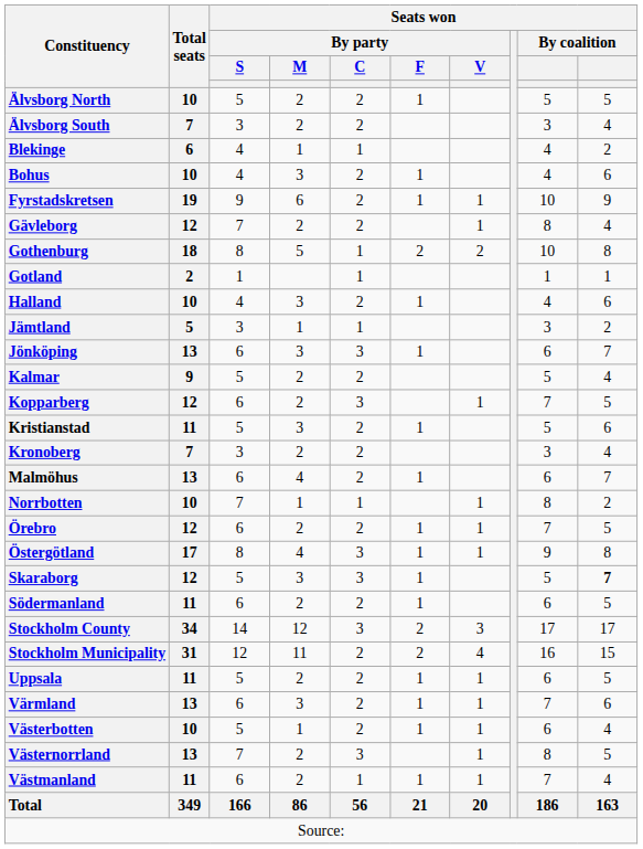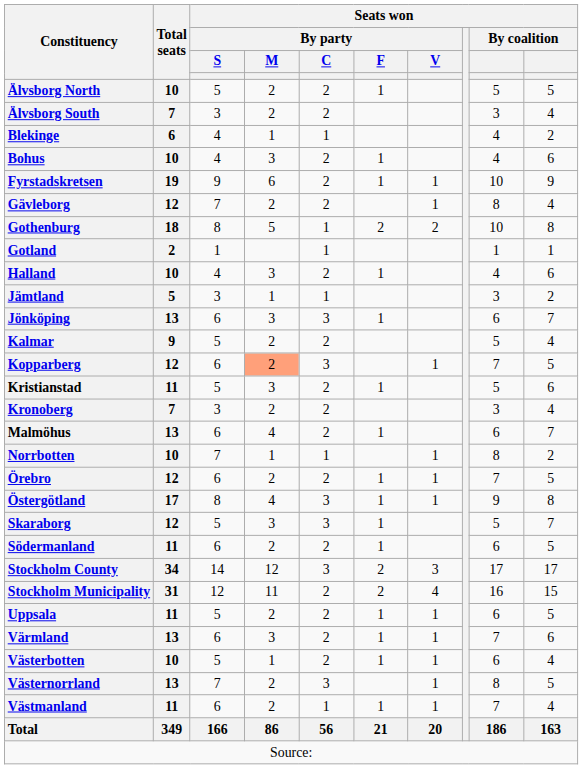 <table class="wikitable" style="text-align:center; font-size: 0.9em;">
 <tr>
 <th rowspan="4">Constituency</th>
 <th rowspan="4">Total<br>seats</th>
 <th colspan="8">Seats won</th>
 </tr>
 <tr>
 <th colspan="5">By party</th>
 <th rowspan="32"></th>
 <th colspan="2">By coalition</th>
 </tr>
 <tr>
 <th class="unsortable" style="width:50px;"><a href='#'>S</a></th>
 <th class="unsortable" style="width:50px;"><a href='#'>M</a></th>
 <th class="unsortable" style="width:50px;"><a href='#'>C</a></th>
 <th class="unsortable" style="width:50px;"><a href='#'>F</a></th>
 <th class="unsortable" style="width:50px;"><a href='#'>V</a></th>
 <th class="unsortable" style="width:50px;"></th>
 <th class="unsortable" style="width:50px;"></th>
 </tr>
 <tr>
 <th style="background:"></th>
 <th style="background:"></th>
 <th style="background:"></th>
 <th style="background:"></th>
 <th style="background:"></th>
 <th style="background:"></th>
 <th style="background:"></th>
 </tr>
 <tr>
 <th style="text-align: left;"><a href='#'>Älvsborg North</a></th>
 <th>10</th>
 <td>5</td>
 <td>2</td>
 <td>2</td>
 <td>1</td>
 <td></td>
 <td>5</td>
 <td>5</td>
 </tr>
 <tr>
 <th style="text-align: left;"><a href='#'>Älvsborg South</a></th>
 <th>7</th>
 <td>3</td>
 <td>2</td>
 <td>2</td>
 <td></td>
 <td></td>
 <td>3</td>
 <td>4</td>
 </tr>
 <tr>
 <th style="text-align: left;"><a href='#'>Blekinge</a></th>
 <th>6</th>
 <td>4</td>
 <td>1</td>
 <td>1</td>
 <td></td>
 <td></td>
 <td>4</td>
 <td>2</td>
 </tr>
 <tr>
 <th style="text-align: left;"><a href='#'>Bohus</a></th>
 <th>10</th>
 <td>4</td>
 <td>3</td>
 <td>2</td>
 <td>1</td>
 <td></td>
 <td>4</td>
 <td>6</td>
 </tr>
 <tr>
 <th style="text-align: left;"><a href='#'>Fyrstadskretsen</a></th>
 <th>19</th>
 <td>9</td>
 <td>6</td>
 <td>2</td>
 <td>1</td>
 <td>1</td>
 <td>10</td>
 <td>9</td>
 </tr>
 <tr>
 <th style="text-align: left;"><a href='#'>Gävleborg</a></th>
 <th>12</th>
 <td>7</td>
 <td>2</td>
 <td>2</td>
 <td></td>
 <td>1</td>
 <td>8</td>
 <td>4</td>
 </tr>
 <tr>
 <th style="text-align: left;"><a href='#'>Gothenburg</a></th>
 <th>18</th>
 <td>8</td>
 <td>5</td>
 <td>1</td>
 <td>2</td>
 <td>2</td>
 <td>10</td>
 <td>8</td>
 </tr>
 <tr>
 <th style="text-align: left;"><a href='#'>Gotland</a></th>
 <th>2</th>
 <td>1</td>
 <td></td>
 <td>1</td>
 <td></td>
 <td></td>
 <td>1</td>
 <td>1</td>
 </tr>
 <tr>
 <th style="text-align: left;"><a href='#'>Halland</a></th>
 <th>10</th>
 <td>4</td>
 <td>3</td>
 <td>2</td>
 <td>1</td>
 <td></td>
 <td>4</td>
 <td>6</td>
 </tr>
 <tr>
 <th style="text-align: left;"><a href='#'>Jämtland</a></th>
 <th>5</th>
 <td>3</td>
 <td>1</td>
 <td>1</td>
 <td></td>
 <td></td>
 <td>3</td>
 <td>2</td>
 </tr>
 <tr>
 <th style="text-align: left;"><a href='#'>Jönköping</a></th>
 <th>13</th>
 <td>6</td>
 <td>3</td>
 <td>3</td>
 <td>1</td>
 <td></td>
 <td>6</td>
 <td>7</td>
 </tr>
 <tr>
 <th style="text-align: left;"><a href='#'>Kalmar</a></th>
 <th>9</th>
 <td>5</td>
 <td>2</td>
 <td>2</td>
 <td></td>
 <td></td>
 <td>5</td>
 <td>4</td>
 </tr>
 <tr>
 <th style="text-align: left;"><a href='#'>Kopparberg</a></th>
 <th>12</th>
 <td>6</td>
-<td>2</td>
+<td style="background: lightsalmon;">2</td>
 <td>3</td>
 <td></td>
 <td>1</td>
 <td>7</td>
 <td>5</td>
 </tr>
 <tr>
 <th style="text-align: left;">Kristianstad</th>
 <th>11</th>
 <td>5</td>
 <td>3</td>
 <td>2</td>
 <td>1</td>
 <td></td>
 <td>5</td>
 <td>6</td>
 </tr>
 <tr>
 <th style="text-align: left;"><a href='#'>Kronoberg</a></th>
 <th>7</th>
 <td>3</td>
 <td>2</td>
 <td>2</td>
 <td></td>
 <td></td>
 <td>3</td>
 <td>4</td>
 </tr>
 <tr>
 <th style="text-align: left;">Malmöhus</th>
 <th>13</th>
 <td>6</td>
 <td>4</td>
 <td>2</td>
 <td>1</td>
 <td></td>
 <td>6</td>
 <td>7</td>
 </tr>
 <tr>
 <th style="text-align: left;"><a href='#'>Norrbotten</a></th>
 <th>10</th>
 <td>7</td>
 <td>1</td>
 <td>1</td>
 <td></td>
 <td>1</td>
 <td>8</td>
 <td>2</td>
 </tr>
 <tr>
 <th style="text-align: left;"><a href='#'>Örebro</a></th>
 <th>12</th>
 <td>6</td>
 <td>2</td>
 <td>2</td>
 <td>1</td>
 <td>1</td>
 <td>7</td>
 <td>5</td>
 </tr>
 <tr>
 <th style="text-align: left;"><a href='#'>Östergötland</a></th>
 <th>17</th>
 <td>8</td>
 <td>4</td>
 <td>3</td>
 <td>1</td>
 <td>1</td>
 <td>9</td>
 <td>8</td>
 </tr>
 <tr>
 <th style="text-align: left;"><a href='#'>Skaraborg</a></th>
 <th>12</th>
 <td>5</td>
 <td>3</td>
 <td>3</td>
 <td>1</td>
 <td></td>
 <td>5</td>
-<td><strong>7</strong></td>
+<td>7</td>
 </tr>
 <tr>
 <th style="text-align: left;"><a href='#'>Södermanland</a></th>
 <th>11</th>
 <td>6</td>
 <td>2</td>
 <td>2</td>
 <td>1</td>
 <td></td>
 <td>6</td>
 <td>5</td>
 </tr>
 <tr>
 <th style="text-align: left;"><a href='#'>Stockholm County</a></th>
 <th>34</th>
 <td>14</td>
 <td>12</td>
 <td>3</td>
 <td>2</td>
 <td>3</td>
 <td>17</td>
 <td>17</td>
 </tr>
 <tr>
 <th style="text-align: left;"><a href='#'>Stockholm Municipality</a></th>
 <th>31</th>
 <td>12</td>
 <td>11</td>
 <td>2</td>
 <td>2</td>
 <td>4</td>
 <td>16</td>
 <td>15</td>
 </tr>
 <tr>
 <th style="text-align: left;"><a href='#'>Uppsala</a></th>
 <th>11</th>
 <td>5</td>
 <td>2</td>
 <td>2</td>
 <td>1</td>
 <td>1</td>
 <td>6</td>
 <td>5</td>
 </tr>
 <tr>
 <th style="text-align: left;"><a href='#'>Värmland</a></th>
 <th>13</th>
 <td>6</td>
 <td>3</td>
 <td>2</td>
 <td>1</td>
 <td>1</td>
 <td>7</td>
 <td>6</td>
 </tr>
 <tr>
 <th style="text-align: left;"><a href='#'>Västerbotten</a></th>
 <th>10</th>
 <td>5</td>
 <td>1</td>
 <td>2</td>
 <td>1</td>
 <td>1</td>
 <td>6</td>
 <td>4</td>
 </tr>
 <tr>
 <th style="text-align: left;"><a href='#'>Västernorrland</a></th>
 <th>13</th>
 <td>7</td>
 <td>2</td>
 <td>3</td>
 <td></td>
 <td>1</td>
 <td>8</td>
 <td>5</td>
 </tr>
 <tr>
 <th style="text-align: left;"><a href='#'>Västmanland</a></th>
 <th>11</th>
 <td>6</td>
 <td>2</td>
 <td>1</td>
 <td>1</td>
 <td>1</td>
 <td>7</td>
 <td>4</td>
 </tr>
 <tr>
 <th style="text-align: left;">Total</th>
 <th>349</th>
 <th>166</th>
 <th>86</th>
 <th>56</th>
 <th>21</th>
 <th>20</th>
 <th>186</th>
 <th>163</th>
 </tr>
 <tr>
 <td colspan="10">Source: </td>
 </tr>
 </table>
